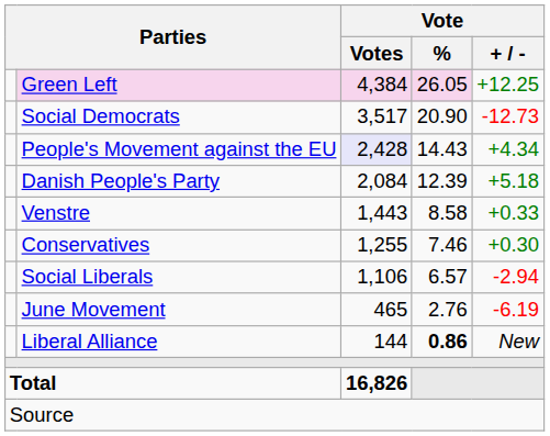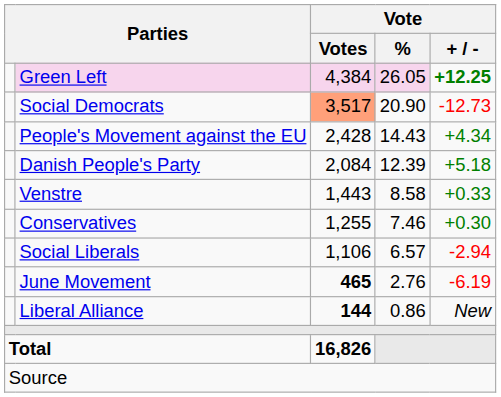 <table class="wikitable" style="text-align:right;">
 <tr>
 <th style="text-align:centre;" rowspan="2" colspan="2" width="225">Parties</th>
 <th colspan="3">Vote</th>
 </tr>
 <tr>
 <th width="15">Votes</th>
 <th width="15">%</th>
 <th width="15">+ / -</th>
 </tr>
 <tr>
 <td width="2" style="color:inherit;background:"></td>
 <td bgcolor=#f7d5ed   align="left"><a href='#'>Green Left</a></td>
 <td bgcolor=#f7d5ed>4,384</td>
 <td bgcolor=#f7d5ed>26.05</td>
-<td style=color:green;>+12.25</td>
+<td style=color:green;><strong>+12.25</strong></td>
 </tr>
 <tr>
 <td width="2" style="color:inherit;background:"></td>
 <td align="left"><a href='#'>Social Democrats</a></td>
-<td>3,517</td>
+<td style="background: lightsalmon;">3,517</td>
 <td>20.90</td>
 <td style=color:red;>-12.73</td>
 </tr>
 <tr>
 <td width="2" style="color:inherit;background:"></td>
 <td align="left"><a href='#'>People's Movement against the EU</a></td>
-<td style="background: lavender;">2,428</td>
+<td>2,428</td>
 <td>14.43</td>
 <td style=color:green;>+4.34</td>
 </tr>
 <tr>
 <td width="2" style="color:inherit;background:"></td>
 <td align="left"><a href='#'>Danish People's Party</a></td>
 <td>2,084</td>
 <td>12.39</td>
 <td style=color:green;>+5.18</td>
 </tr>
 <tr>
 <td width="2" style="color:inherit;background:"></td>
 <td align="left"><a href='#'>Venstre</a></td>
 <td>1,443</td>
 <td>8.58</td>
 <td style=color:green;>+0.33</td>
 </tr>
 <tr>
 <td width="2" style="color:inherit;background:"></td>
 <td align="left"><a href='#'>Conservatives</a></td>
 <td>1,255</td>
 <td>7.46</td>
 <td style=color:green;>+0.30</td>
 </tr>
 <tr>
 <td width="2" style="color:inherit;background:"></td>
 <td align="left"><a href='#'>Social Liberals</a></td>
 <td>1,106</td>
 <td>6.57</td>
 <td style=color:red;>-2.94</td>
 </tr>
 <tr>
 <td width="2" style="color:inherit;background:"></td>
 <td align="left"><a href='#'>June Movement</a></td>
-<td>465</td>
+<td><strong>465</strong></td>
 <td>2.76</td>
 <td style=color:red;>-6.19</td>
 </tr>
 <tr>
 <td width="2" style="color:inherit;background:"></td>
 <td align="left"><a href='#'>Liberal Alliance</a></td>
-<td>144</td>
-<td><strong>0.86</strong></td>
+<td><strong>144</strong></td>
+<td>0.86</td>
 <td><em>New</em></td>
 </tr>
 <tr>
 <td colspan="7" bgcolor="#E9E9E9"></td>
 </tr>
 <tr>
 <td align="left" colspan="2"><strong>Total</strong></td>
 <td><strong>16,826</strong></td>
 <td bgcolor="#E9E9E9" colspan="2"></td>
 </tr>
 <tr>
 <td align="left" colspan="6">Source</td>
 </tr>
 </table>
